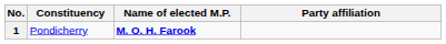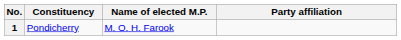 <table class="wikitable">
 <tr style="background:#ccc; text-align:center;">
 <th>No.</th>
 <th style="width:120px">Constituency</th>
 <th style="width:180px">Name of elected M.P.</th>
 <th colspan="2" style="width:18em">Party affiliation</th>
 </tr>
 <tr>
 <th>1</th>
 <td><a href='#'>Pondicherry</a></td>
-<td><strong><a href='#'>M. O. H. Farook</a></strong></td>
+<td><a href='#'>M. O. H. Farook</a></td>
 <td></td>
 </tr>
 </table>
